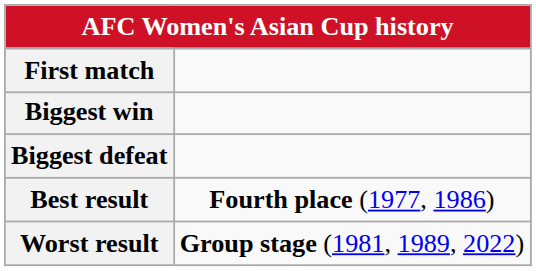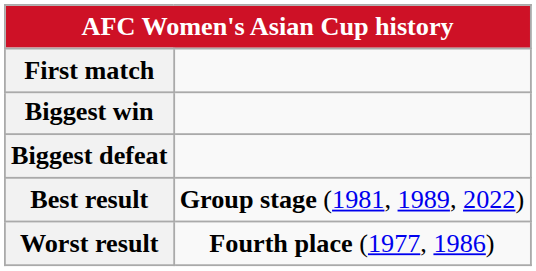 <table class="wikitable collapsible collapsed" style="text-align: center;font-size:90%;">
 <tr>
 <th colspan=6 style="background: #CE1126; color: #FFFFFF;">AFC Women's Asian Cup history</th>
 </tr>
 <tr>
 <th style="text-align: center;">First match</th>
 <td></td>
 </tr>
 <tr>
 <th style="text-align: center;">Biggest win</th>
 <td></td>
 </tr>
 <tr>
 <th style="text-align: center;">Biggest defeat</th>
 <td></td>
 </tr>
 <tr>
 <th style="text-align: center;">Best result</th>
-<td style="text-align:center;"><strong>Fourth place</strong> (<a href='#'>1977</a>, <a href='#'>1986</a>)</td>
+<td style="text-align:center;"><strong>Group stage</strong> (<a href='#'>1981</a>, <a href='#'>1989</a>, <a href='#'>2022</a>)</td>
 </tr>
 <tr>
 <th style="text-align: center;">Worst result</th>
-<td style="text-align:center;"><strong>Group stage</strong> (<a href='#'>1981</a>, <a href='#'>1989</a>, <a href='#'>2022</a>)</td>
+<td style="text-align:center;"><strong>Fourth place</strong> (<a href='#'>1977</a>, <a href='#'>1986</a>)</td>
 </tr>
 </table>
